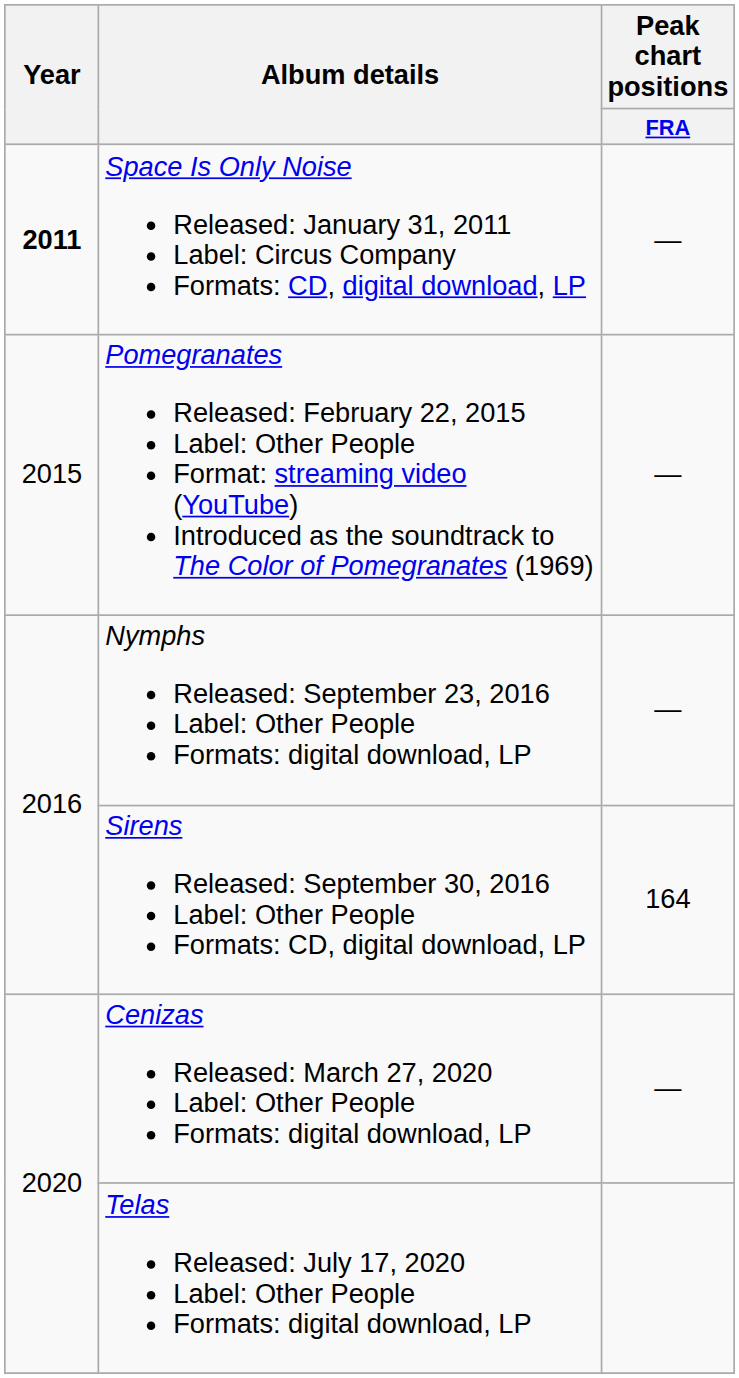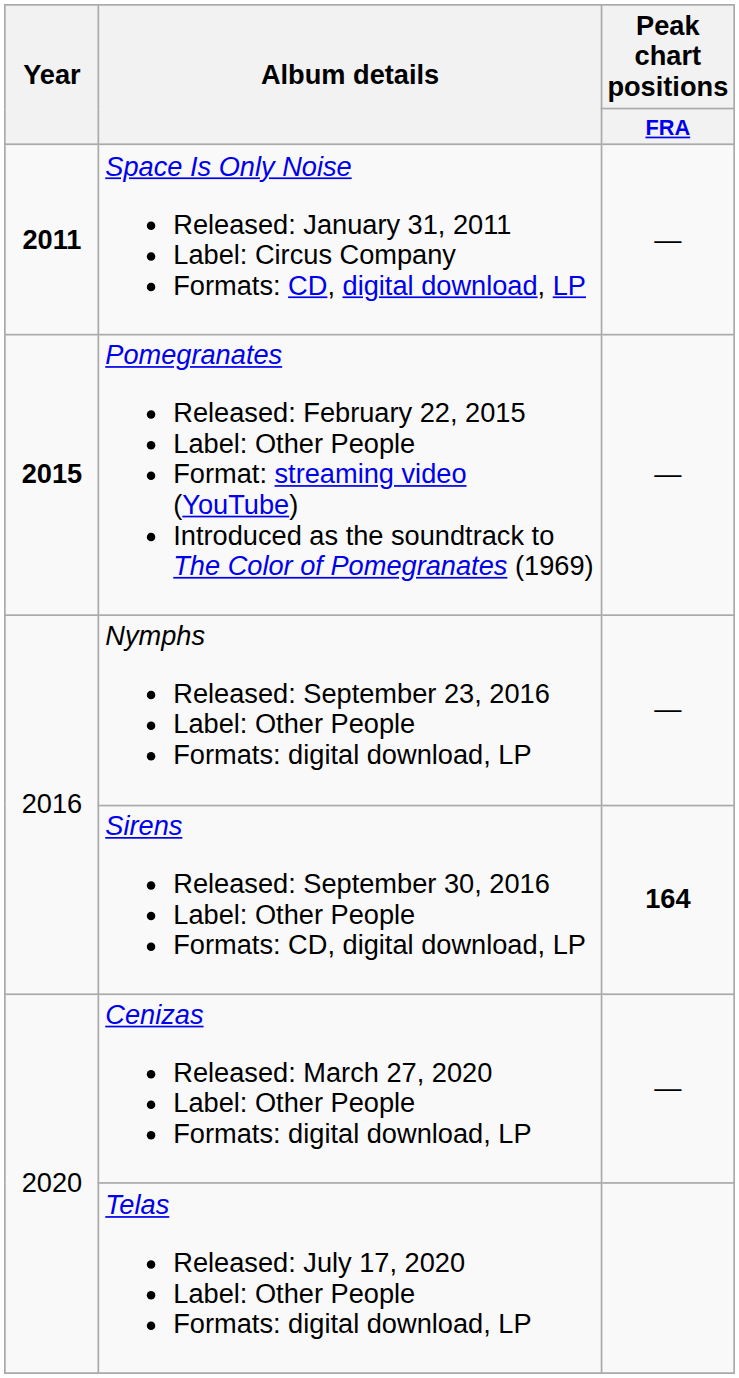 <table class="wikitable plainrowheaders" style="text-align:center;">
 <tr>
 <th rowspan="2" scope="col" style="width:3em;">Year</th>
 <th rowspan="2" scope="col" style="width:18em;">Album details</th>
 <th colspan="1" scope="col" style="width:3em;">Peak chart positions</th>
 </tr>
 <tr>
 <th scope="col" style="width:3em;font-size:80%;"><a href='#'>FRA</a><br></th>
 </tr>
 <tr>
 <td><strong>2011</strong></td>
 <td align="left"><em><a href='#'>Space Is Only Noise</a></em><br><ul><li>Released: January 31, 2011</li><li>Label: Circus Company</li><li>Formats: <a href='#'>CD</a>, <a href='#'>digital download</a>, <a href='#'>LP</a></li></ul></td>
 <td>—</td>
 </tr>
 <tr>
-<td>2015</td>
+<td><strong>2015</strong></td>
 <td align="left"><em><a href='#'>Pomegranates</a></em><br><ul><li>Released: February 22, 2015</li><li>Label: Other People</li><li>Format: <a href='#'>streaming video</a> (<a href='#'>YouTube</a>)</li><li>Introduced as the soundtrack to <em><a href='#'>The Color of Pomegranates</a></em> (1969)</li></ul></td>
 <td>—</td>
 </tr>
 <tr>
 <td rowspan="2">2016</td>
 <td align="left"><em>Nymphs</em><br><ul><li>Released: September 23, 2016</li><li>Label: Other People</li><li>Formats: digital download, LP</li></ul></td>
 <td>—</td>
 </tr>
 <tr>
 <td align="left"><em><a href='#'>Sirens</a></em><br><ul><li>Released: September 30, 2016</li><li>Label: Other People</li><li>Formats: CD, digital download, LP</li></ul></td>
-<td>164</td>
+<td><strong>164</strong></td>
 </tr>
 <tr>
 <td rowspan="2">2020</td>
 <td align="left"><em><a href='#'>Cenizas</a></em><br><ul><li>Released: March 27, 2020</li><li>Label: Other People</li><li>Formats: digital download, LP</li></ul></td>
 <td>—</td>
 </tr>
 <tr>
 <td align="left"><em><a href='#'>Telas</a></em><br><ul><li>Released: July 17, 2020</li><li>Label: Other People</li><li>Formats: digital download, LP</li></ul></td>
 <td></td>
 </tr>
 <tr>
 </tr>
 </table>
